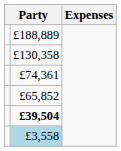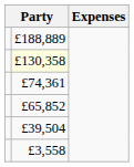 <table class="wikitable sortable" style="text-align:right; font-size:95%;">
 <tr>
 <th colspan="2">Party</th>
 <th>Expenses</th>
 </tr>
 <tr>
 <td></td>
 <td>£188,889</td>
 </tr>
 <tr>
 <td></td>
-<td>£130,358</td>
+<td style="background: lightyellow;">£130,358</td>
 </tr>
 <tr>
 <td></td>
 <td>£74,361</td>
 </tr>
 <tr>
 <td></td>
 <td>£65,852</td>
 </tr>
 <tr>
 <td></td>
-<td><strong>£39,504</strong></td>
+<td>£39,504</td>
 </tr>
 <tr>
 <td></td>
-<td style="background: lightblue;">£3,558</td>
+<td>£3,558</td>
 </tr>
 </table>
